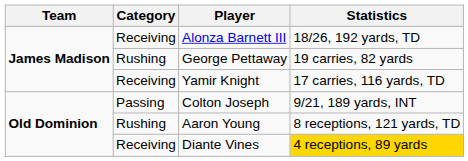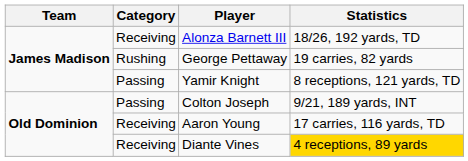 <table class="wikitable" style="float: right;">
 <tr>
 <th>Team</th>
 <th>Category</th>
 <th>Player</th>
 <th>Statistics</th>
 </tr>
 <tr>
 <td rowspan=3><strong>James Madison</strong></td>
 <td>Receiving</td>
 <td><a href='#'>Alonza Barnett III</a></td>
 <td>18/26, 192 yards, TD</td>
 </tr>
 <tr>
 <td>Rushing</td>
 <td>George Pettaway</td>
 <td>19 carries, 82 yards</td>
 </tr>
 <tr>
-<td>Receiving</td>
+<td>Passing</td>
 <td>Yamir Knight</td>
-<td>17 carries, 116 yards, TD</td>
+<td>8 receptions, 121 yards, TD</td>
 </tr>
 <tr>
 <td rowspan=3><strong>Old Dominion</strong></td>
 <td>Passing</td>
 <td>Colton Joseph</td>
 <td>9/21, 189 yards, INT</td>
 </tr>
 <tr>
-<td>Rushing</td>
+<td>Receiving</td>
 <td>Aaron Young</td>
-<td>8 receptions, 121 yards, TD</td>
+<td>17 carries, 116 yards, TD</td>
 </tr>
 <tr>
 <td>Receiving</td>
 <td>Diante Vines</td>
 <td style="background: gold;">4 receptions, 89 yards</td>
 </tr>
 </table>
